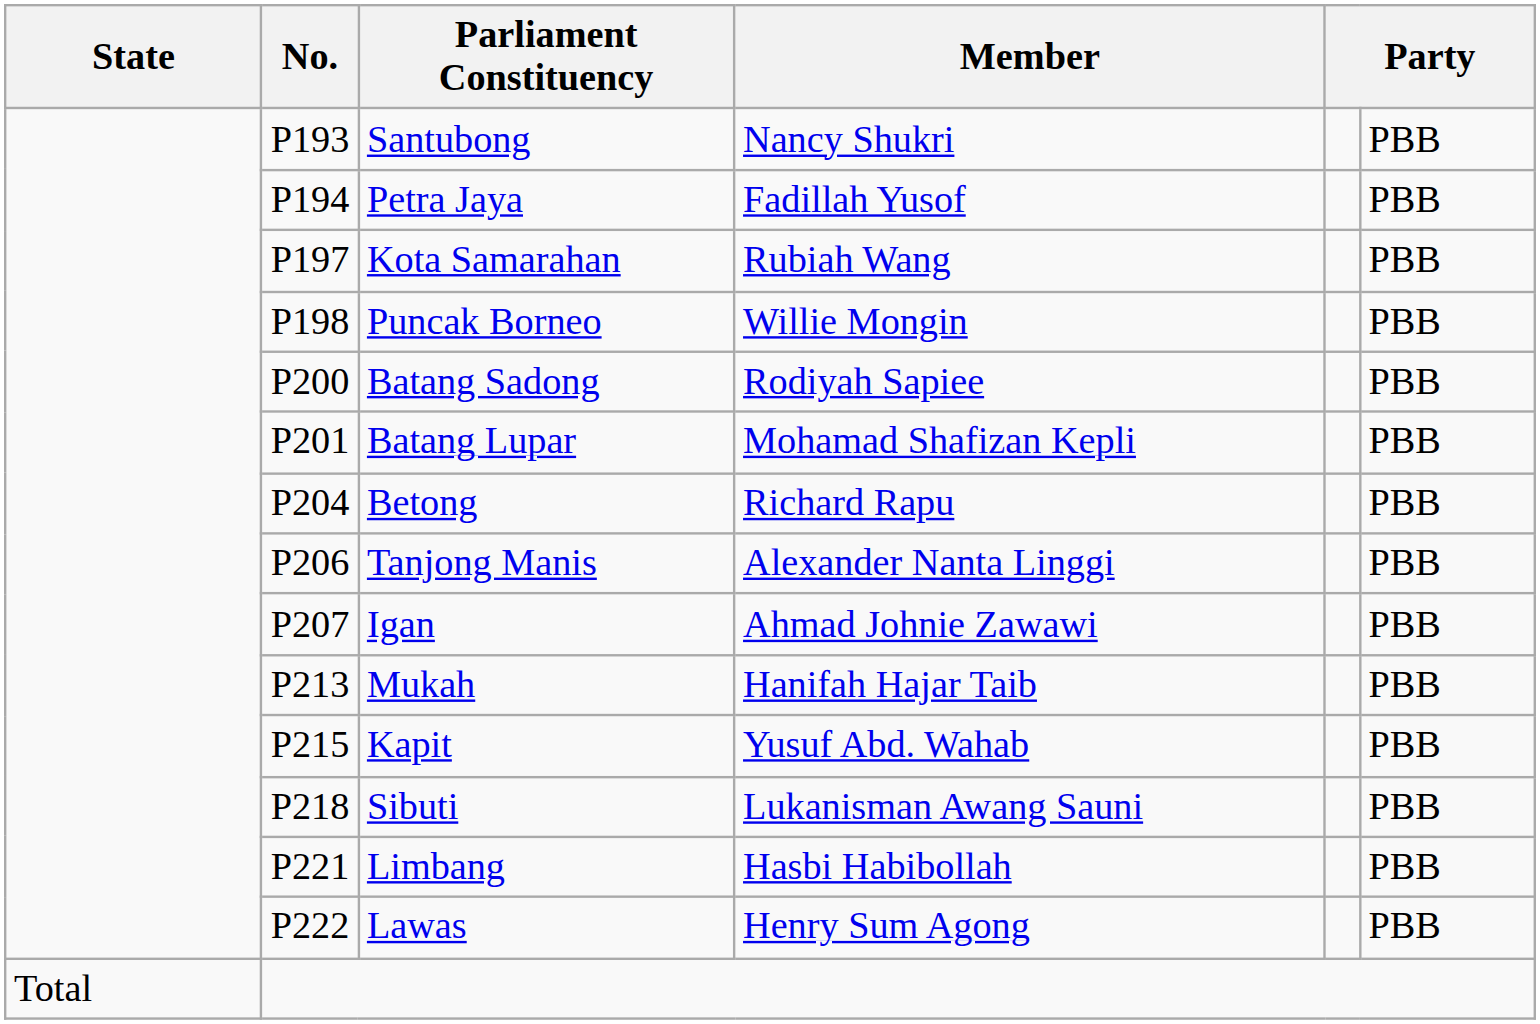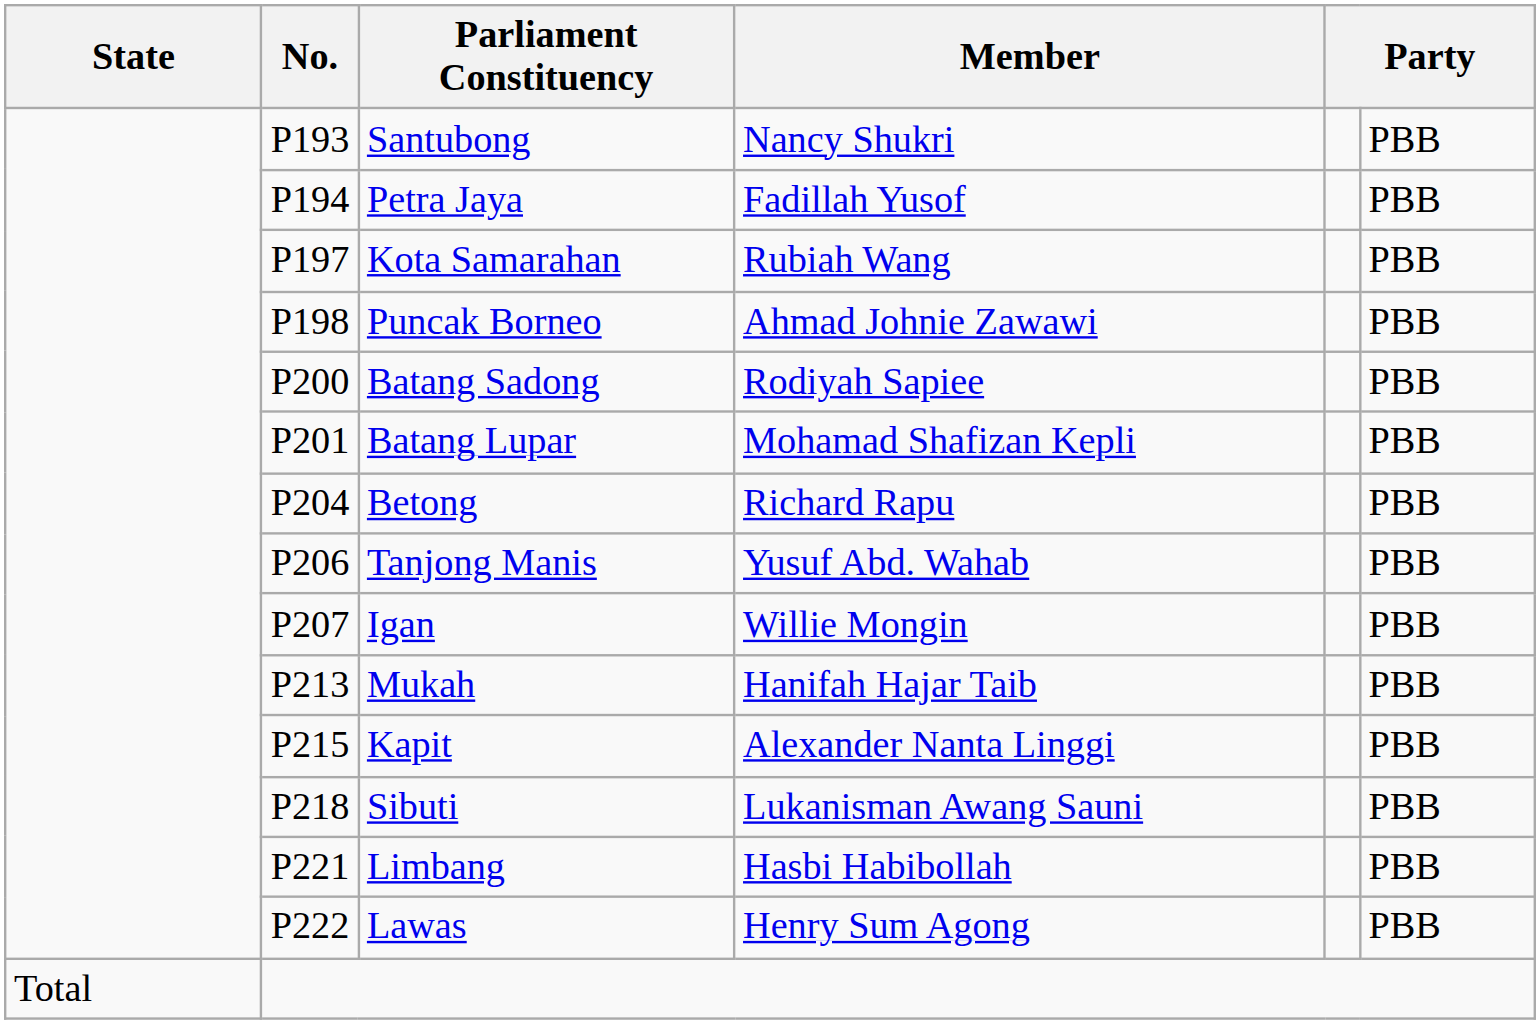 <table class ="wikitable sortable">
 <tr>
 <th style="width:100px;">State</th>
 <th style="width:30px;">No.</th>
 <th style="width:150px;">Parliament Constituency</th>
 <th style="width:240px;">Member</th>
 <th style="width:80px;" colspan=2>Party</th>
 </tr>
 <tr>
 <td rowspan=14></td>
 <td>P193</td>
 <td><a href='#'>Santubong</a></td>
 <td><a href='#'>Nancy Shukri</a></td>
 <td></td>
 <td>PBB</td>
 </tr>
 <tr>
 <td>P194</td>
 <td><a href='#'>Petra Jaya</a></td>
 <td><a href='#'>Fadillah Yusof</a></td>
 <td></td>
 <td>PBB</td>
 </tr>
 <tr>
 <td>P197</td>
 <td><a href='#'>Kota Samarahan</a></td>
 <td><a href='#'>Rubiah Wang</a></td>
 <td></td>
 <td>PBB</td>
 </tr>
 <tr>
 <td>P198</td>
 <td><a href='#'>Puncak Borneo</a></td>
-<td><a href='#'>Willie Mongin</a></td>
+<td><a href='#'>Ahmad Johnie Zawawi</a></td>
 <td></td>
 <td>PBB</td>
 </tr>
 <tr>
 <td>P200</td>
 <td><a href='#'>Batang Sadong</a></td>
 <td><a href='#'>Rodiyah Sapiee</a></td>
 <td></td>
 <td>PBB</td>
 </tr>
 <tr>
 <td>P201</td>
 <td><a href='#'>Batang Lupar</a></td>
 <td><a href='#'>Mohamad Shafizan Kepli</a></td>
 <td></td>
 <td>PBB</td>
 </tr>
 <tr>
 <td>P204</td>
 <td><a href='#'>Betong</a></td>
 <td><a href='#'>Richard Rapu</a></td>
 <td></td>
 <td>PBB</td>
 </tr>
 <tr>
 <td>P206</td>
 <td><a href='#'>Tanjong Manis</a></td>
-<td><a href='#'>Alexander Nanta Linggi</a></td>
+<td><a href='#'>Yusuf Abd. Wahab</a></td>
 <td></td>
 <td>PBB</td>
 </tr>
 <tr>
 <td>P207</td>
 <td><a href='#'>Igan</a></td>
-<td><a href='#'>Ahmad Johnie Zawawi</a></td>
+<td><a href='#'>Willie Mongin</a></td>
 <td></td>
 <td>PBB</td>
 </tr>
 <tr>
 <td>P213</td>
 <td><a href='#'>Mukah</a></td>
 <td><a href='#'>Hanifah Hajar Taib</a></td>
 <td></td>
 <td>PBB</td>
 </tr>
 <tr>
 <td>P215</td>
 <td><a href='#'>Kapit</a></td>
-<td><a href='#'>Yusuf Abd. Wahab</a></td>
+<td><a href='#'>Alexander Nanta Linggi</a></td>
 <td></td>
 <td>PBB</td>
 </tr>
 <tr>
 <td>P218</td>
 <td><a href='#'>Sibuti</a></td>
 <td><a href='#'>Lukanisman Awang Sauni</a></td>
 <td></td>
 <td>PBB</td>
 </tr>
 <tr>
 <td>P221</td>
 <td><a href='#'>Limbang</a></td>
 <td><a href='#'>Hasbi Habibollah</a></td>
 <td></td>
 <td>PBB</td>
 </tr>
 <tr>
 <td>P222</td>
 <td><a href='#'>Lawas</a></td>
 <td><a href='#'>Henry Sum Agong</a></td>
 <td></td>
 <td>PBB</td>
 </tr>
 <tr>
 <td>Total</td>
 <td style="width:30px;" colspan=6></td>
 </tr>
 </table>
